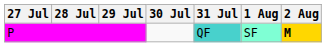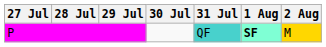 <table class="wikitable olympic-schedule Badminton">
 <tr>
 <th>27 Jul</th>
 <th>28 Jul</th>
 <th>29 Jul</th>
 <th>30 Jul</th>
 <th>31 Jul</th>
 <th>1 Aug</th>
 <th>2 Aug</th>
 </tr>
 <tr>
 <td class="event" colspan=3 bgcolor="#FF00FF" class="prelims">P</td>
 <td></td>
 <td bgcolor="#48D1CC" class="quarterfinals">QF</td>
-<td bgcolor="#7FFFD4" class="semifinals">SF</td>
-<td bgcolor="gold" class="finals"><strong>M</strong></td>
+<td bgcolor="#7FFFD4" class="semifinals"><strong>SF</strong></td>
+<td bgcolor="gold" class="finals">M</td>
 </tr>
 </table>
